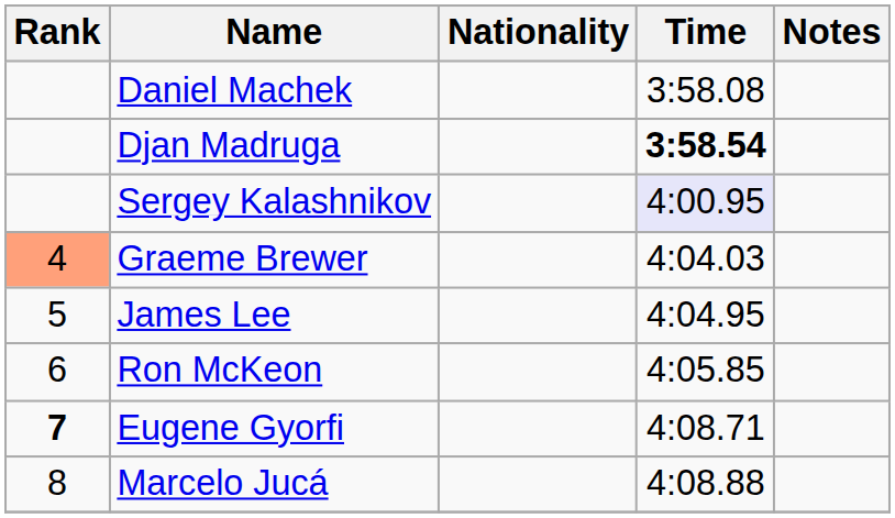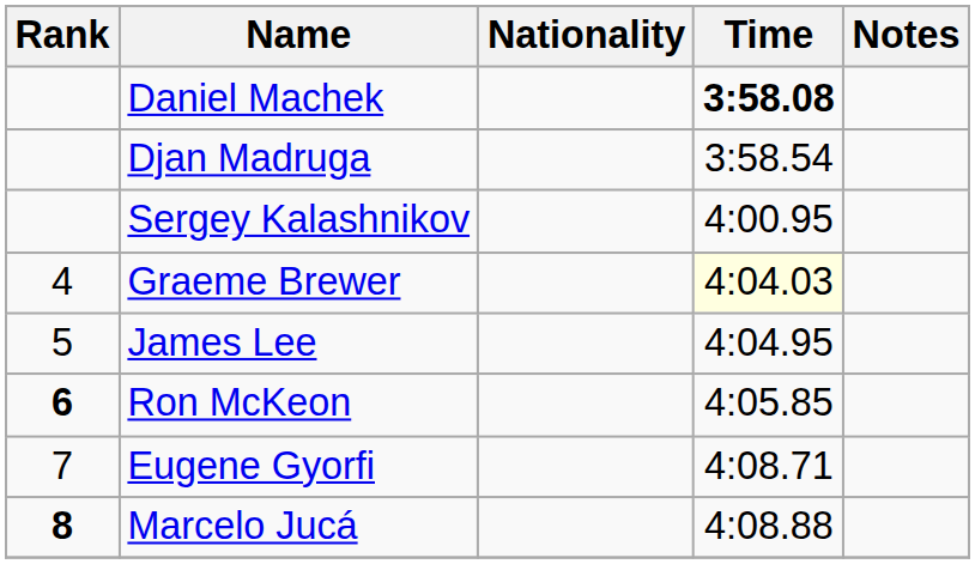 <table class="wikitable sortable" style="text-align:center">
 <tr>
 <th>Rank</th>
 <th>Name</th>
 <th>Nationality</th>
 <th>Time</th>
 <th>Notes</th>
 </tr>
 <tr>
 <td></td>
 <td align="left"><a href='#'>Daniel Machek</a></td>
 <td align="left"></td>
-<td>3:58.08</td>
+<td><strong>3:58.08</strong></td>
 <td></td>
 </tr>
 <tr>
 <td></td>
 <td align="left"><a href='#'>Djan Madruga</a></td>
 <td align="left"></td>
-<td><strong>3:58.54</strong></td>
+<td>3:58.54</td>
 <td></td>
 </tr>
 <tr>
 <td></td>
 <td align="left"><a href='#'>Sergey Kalashnikov</a></td>
 <td align="left"></td>
-<td style="background: lavender;">4:00.95</td>
+<td>4:00.95</td>
 <td></td>
 </tr>
 <tr>
-<td style="background: lightsalmon;">4</td>
+<td>4</td>
 <td align="left"><a href='#'>Graeme Brewer</a></td>
 <td align="left"></td>
-<td>4:04.03</td>
+<td style="background: lightyellow;">4:04.03</td>
 <td></td>
 </tr>
 <tr>
 <td>5</td>
 <td align="left"><a href='#'>James Lee</a></td>
 <td align="left"></td>
 <td>4:04.95</td>
 <td></td>
 </tr>
 <tr>
-<td>6</td>
+<td><strong>6</strong></td>
 <td align="left"><a href='#'>Ron McKeon</a></td>
 <td align="left"></td>
 <td>4:05.85</td>
 <td></td>
 </tr>
 <tr>
-<td><strong>7</strong></td>
+<td>7</td>
 <td align="left"><a href='#'>Eugene Gyorfi</a></td>
 <td align="left"></td>
 <td>4:08.71</td>
 <td></td>
 </tr>
 <tr>
-<td>8</td>
+<td><strong>8</strong></td>
 <td align="left"><a href='#'>Marcelo Jucá</a></td>
 <td align="left"></td>
 <td>4:08.88</td>
 <td></td>
 </tr>
 <tr>
 </tr>
 </table>
